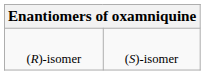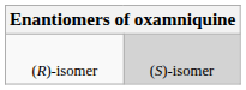 <table class="wikitable" style="text-align:center">
 <tr class="hintergrundfarbe6">
 <th colspan="2">Enantiomers of oxamniquine</th>
 </tr>
 <tr>
 <td><br><small> (<em>R</em>)-isomer</small></td>
-<td><br><small> (<em>S</em>)-isomer</small></td>
+<td style="background: lightgrey;"><br><small> (<em>S</em>)-isomer</small></td>
 </tr>
 </table>
